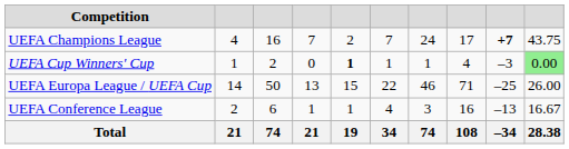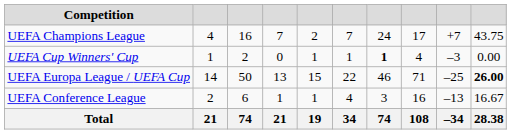 <table class="wikitable" style="text-align: center;">
 <tr>
 <th style="background:#DCDCDC">Competition</th>
 <th width="35" style="background:#DCDCDC"></th>
 <th width="35" style="background:#DCDCDC"></th>
 <th width="35" style="background:#DCDCDC"></th>
 <th width="35" style="background:#DCDCDC"></th>
 <th width="35" style="background:#DCDCDC"></th>
 <th width="35" style="background:#DCDCDC"></th>
 <th width="35" style="background:#DCDCDC"></th>
 <th width="35" style="background:#DCDCDC"></th>
 <th width="35" style="background:#DCDCDC"></th>
 </tr>
 <tr>
 <td align=left><a href='#'>UEFA Champions League</a></td>
 <td>4</td>
 <td>16</td>
 <td>7</td>
 <td>2</td>
 <td>7</td>
 <td>24</td>
 <td>17</td>
-<td><strong>+7</strong></td>
+<td>+7</td>
 <td>43.75</td>
 </tr>
 <tr>
 <td align=left><em><a href='#'>UEFA Cup Winners' Cup</a></em></td>
 <td>1</td>
 <td>2</td>
 <td>0</td>
-<td><strong>1</strong></td>
 <td>1</td>
 <td>1</td>
+<td><strong>1</strong></td>
 <td>4</td>
 <td>–3</td>
-<td style="background: lightgreen;">0.00</td>
+<td>0.00</td>
 </tr>
 <tr>
 <td align=left><a href='#'>UEFA Europa League / <em>UEFA Cup</em></a></td>
 <td>14</td>
 <td>50</td>
 <td>13</td>
 <td>15</td>
 <td>22</td>
 <td>46</td>
 <td>71</td>
 <td>–25</td>
-<td>26.00</td>
+<td><strong>26.00</strong></td>
 </tr>
 <tr>
 <td align=left><a href='#'>UEFA Conference League</a></td>
 <td>2</td>
 <td>6</td>
 <td>1</td>
 <td>1</td>
 <td>4</td>
 <td>3</td>
 <td>16</td>
 <td>–13</td>
 <td>16.67</td>
 </tr>
 <tr class="sortbottom">
 <th>Total</th>
 <th>21</th>
 <th>74</th>
 <th>21</th>
 <th>19</th>
 <th>34</th>
 <th>74</th>
 <th>108</th>
 <th>–34</th>
 <th>28.38</th>
 </tr>
 </table>
